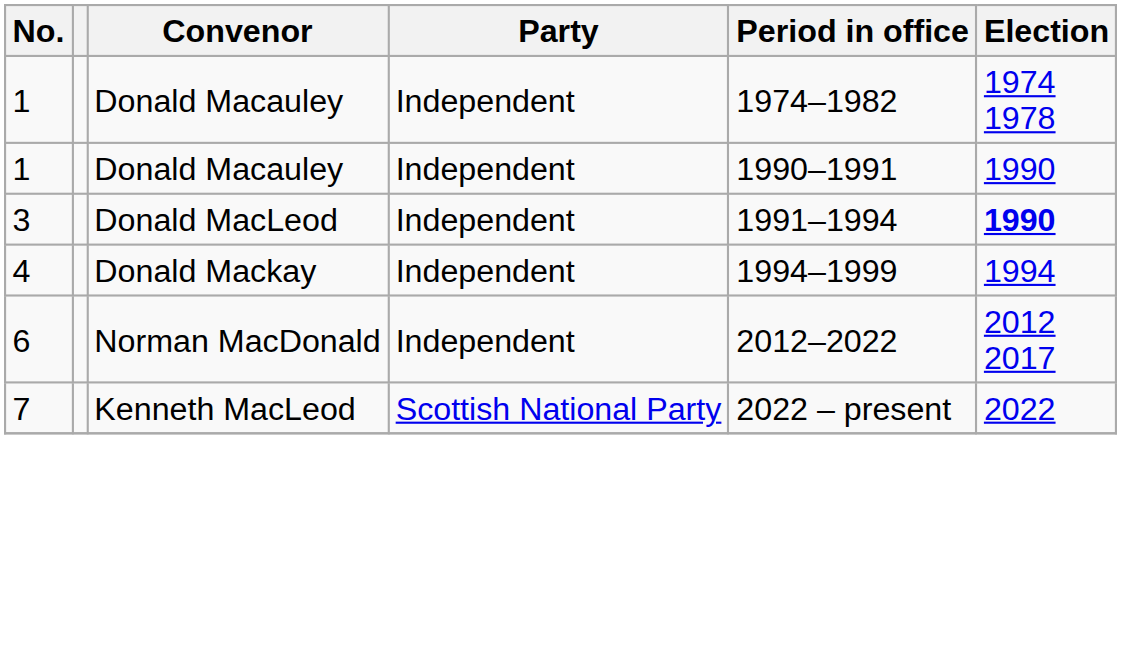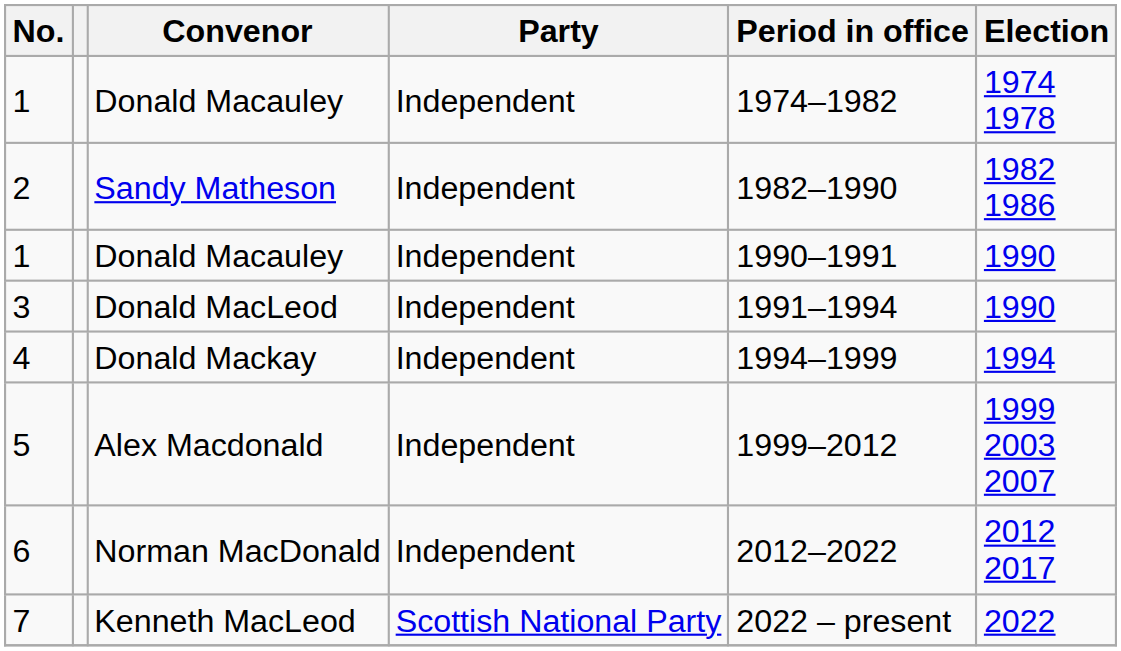 <table class="wikitable" style="font-size:95%;">
 <tr>
 <th>No.</th>
 <th></th>
 <th>Convenor</th>
 <th>Party</th>
 <th>Period in office</th>
 <th>Election</th>
 </tr>
 <tr>
 <td>1</td>
 <td style="background-color:"></td>
 <td>Donald Macauley</td>
 <td>Independent</td>
 <td>1974–1982</td>
 <td><a href='#'>1974</a> <br> <a href='#'>1978</a></td>
 </tr>
 <tr>
+<td>2</td>
+<td style="background-color:"></td>
+<td><a href='#'>Sandy Matheson</a></td>
+<td>Independent</td>
+<td>1982–1990</td>
+<td><a href='#'>1982</a> <br> <a href='#'>1986</a></td>
+</tr>
+<tr>
 <td>1</td>
 <td style="background-color:"></td>
 <td>Donald Macauley</td>
 <td>Independent</td>
 <td>1990–1991</td>
 <td><a href='#'>1990</a></td>
 </tr>
 <tr>
 <td>3</td>
 <td style="background-color:"></td>
 <td>Donald MacLeod</td>
 <td>Independent</td>
 <td>1991–1994</td>
-<td><strong><a href='#'>1990</a></strong></td>
+<td><a href='#'>1990</a></td>
 </tr>
 <tr>
 <td>4</td>
 <td style="background-color:"></td>
 <td>Donald Mackay</td>
 <td>Independent</td>
 <td>1994–1999</td>
 <td><a href='#'>1994</a></td>
+</tr>
+<tr>
+<td>5</td>
+<td style="background-color:"></td>
+<td>Alex Macdonald</td>
+<td>Independent</td>
+<td>1999–2012</td>
+<td><a href='#'>1999</a> <br> <a href='#'>2003</a> <br> <a href='#'>2007</a></td>
 </tr>
 <tr>
 <td>6</td>
 <td style="background-color:"></td>
 <td>Norman MacDonald</td>
 <td>Independent</td>
 <td>2012–2022</td>
 <td><a href='#'>2012</a> <br> <a href='#'>2017</a></td>
 </tr>
 <tr>
 <td>7</td>
 <td style="background-color:"></td>
 <td>Kenneth MacLeod</td>
 <td><a href='#'>Scottish National Party</a></td>
 <td>2022 – present</td>
 <td><a href='#'>2022</a></td>
 </tr>
 <tr>
 </tr>
 </table>
